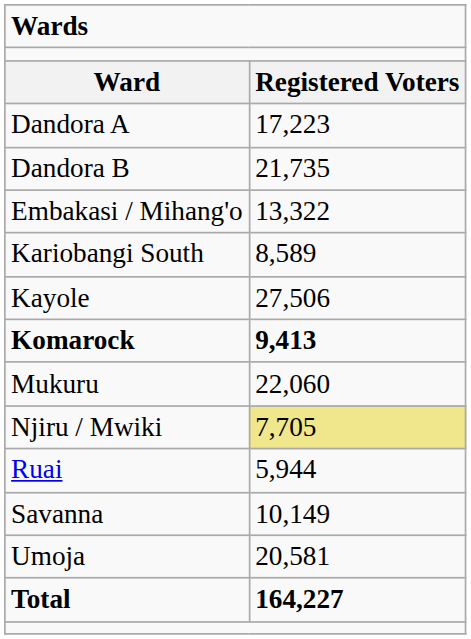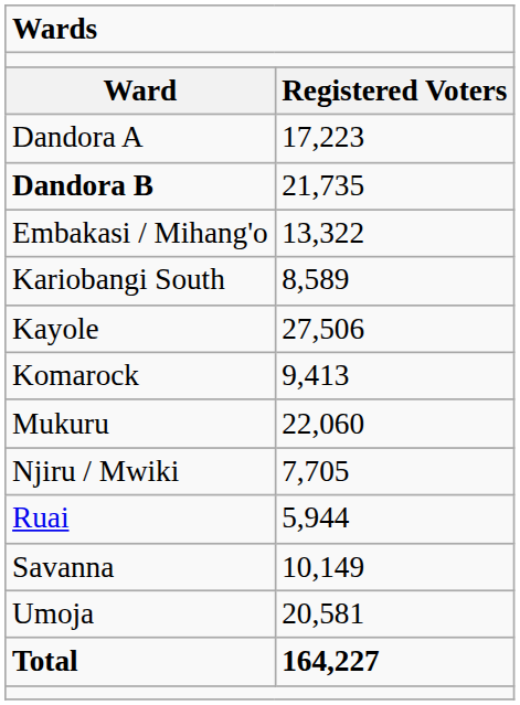 <table class="wikitable">
 <tr>
 <td colspan="2"><strong>Wards</strong></td>
 </tr>
 <tr>
 <td colspan="2"></td>
 </tr>
 <tr>
 <th>Ward</th>
 <th>Registered Voters</th>
 </tr>
 <tr>
 <td>Dandora A</td>
 <td>17,223</td>
 </tr>
 <tr>
-<td>Dandora B</td>
+<td><strong>Dandora B</strong></td>
 <td>21,735</td>
 </tr>
 <tr>
 <td>Embakasi / Mihang'o</td>
 <td>13,322</td>
 </tr>
 <tr>
 <td>Kariobangi South</td>
 <td>8,589</td>
 </tr>
 <tr>
 <td>Kayole</td>
 <td>27,506</td>
 </tr>
 <tr>
-<td><strong>Komarock</strong></td>
-<td><strong>9,413</strong></td>
+<td>Komarock</td>
+<td>9,413</td>
 </tr>
 <tr>
 <td>Mukuru</td>
 <td>22,060</td>
 </tr>
 <tr>
 <td>Njiru / Mwiki</td>
-<td style="background: khaki;">7,705</td>
+<td>7,705</td>
 </tr>
 <tr>
 <td><a href='#'>Ruai</a></td>
 <td>5,944</td>
 </tr>
 <tr>
 <td>Savanna</td>
 <td>10,149</td>
 </tr>
 <tr>
 <td>Umoja</td>
 <td>20,581</td>
 </tr>
 <tr>
 <td><strong>Total</strong></td>
 <td><strong>164,227</strong></td>
 </tr>
 <tr>
 <td colspan="2"></td>
 </tr>
 </table>
